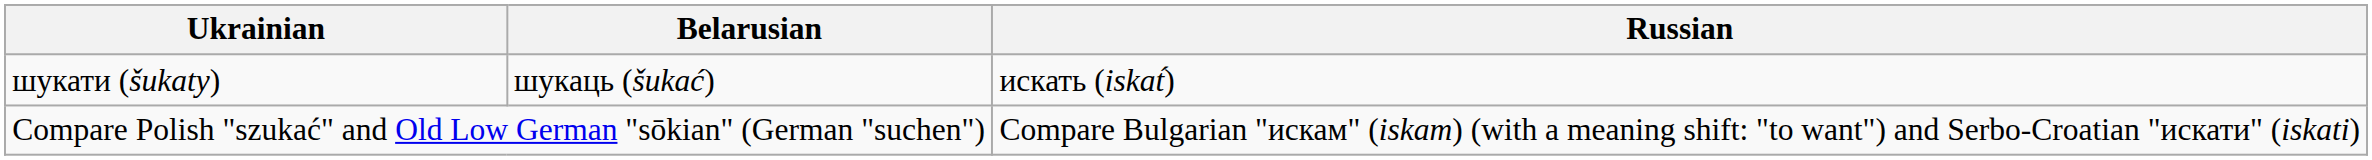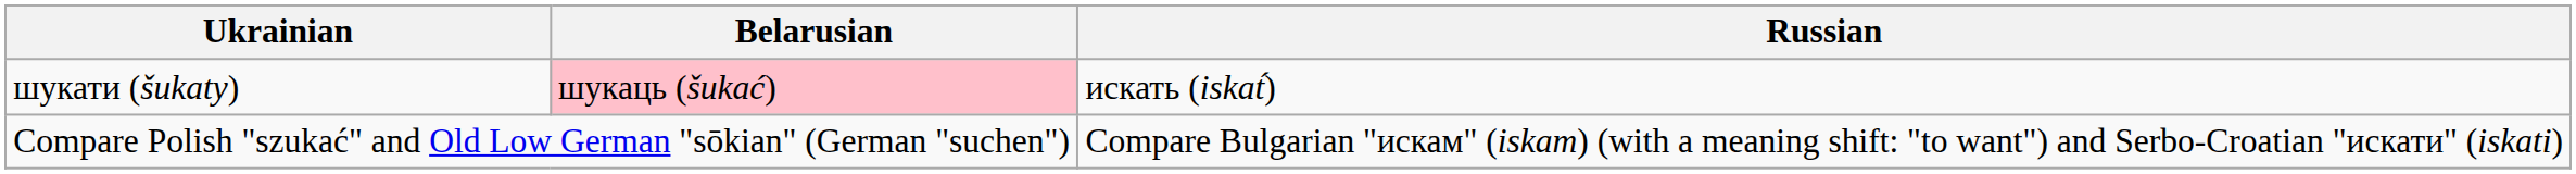 <table class="wikitable">
 <tr>
 <th>Ukrainian</th>
 <th>Belarusian</th>
 <th>Russian</th>
 </tr>
 <tr>
 <td>шукати (<em>šukaty</em>)</td>
-<td>шукаць (<em>šukać</em>)</td>
+<td style="background: pink;">шукаць (<em>šukać</em>)</td>
 <td>искать (<em>iskat́</em>)</td>
 </tr>
 <tr>
 <td colspan="2">Compare Polish "szukać" and <a href='#'>Old Low German</a> "sōkian" (German "suchen")</td>
 <td>Compare Bulgarian "искам" (<em>iskam</em>) (with a meaning shift: "to want") and Serbo-Croatian "искати" (<em>iskati</em>)</td>
 </tr>
 </table>
